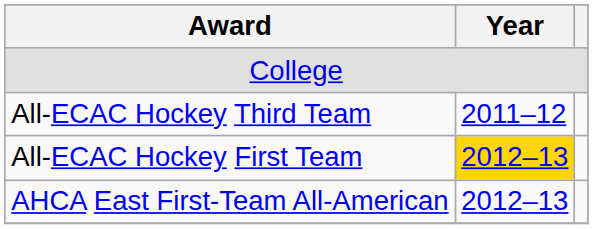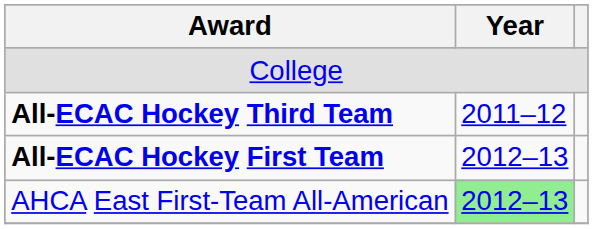 <table class="wikitable">
 <tr>
 <th>Award</th>
 <th>Year</th>
 <th></th>
 </tr>
 <tr ALIGN="center" bgcolor="#e0e0e0">
 <td colspan="3"><a href='#'>College</a></td>
 </tr>
 <tr>
-<td>All-<a href='#'>ECAC Hockey</a> <a href='#'>Third Team</a></td>
+<td><strong>All-<a href='#'>ECAC Hockey</a> <a href='#'>Third Team</a></strong></td>
 <td><a href='#'>2011–12</a></td>
 <td></td>
 </tr>
 <tr>
-<td>All-<a href='#'>ECAC Hockey</a> <a href='#'>First Team</a></td>
-<td style="background: gold;"><a href='#'>2012–13</a></td>
+<td><strong>All-<a href='#'>ECAC Hockey</a> <a href='#'>First Team</a></strong></td>
+<td><a href='#'>2012–13</a></td>
 <td></td>
 </tr>
 <tr>
 <td><a href='#'>AHCA</a> <a href='#'>East First-Team All-American</a></td>
-<td><a href='#'>2012–13</a></td>
+<td style="background: lightgreen;"><a href='#'>2012–13</a></td>
 <td></td>
 </tr>
 <tr>
 </tr>
 </table>
